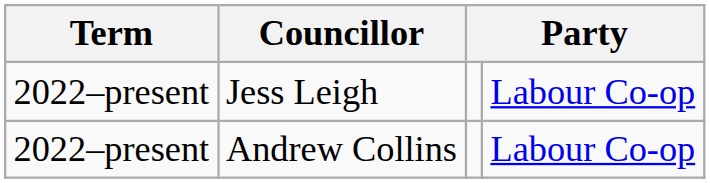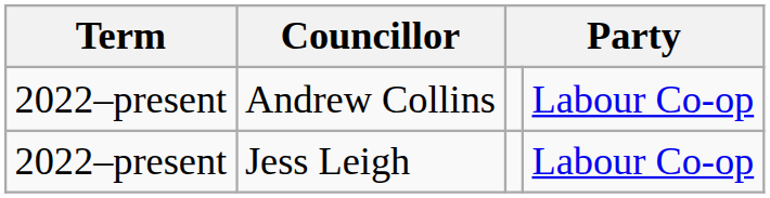 <table class="wikitable">
 <tr>
 <th>Term</th>
 <th>Councillor</th>
 <th colspan="2">Party</th>
 </tr>
 <tr>
 <td>2022–present</td>
-<td>Jess Leigh</td>
+<td>Andrew Collins</td>
 <td rowspan="1;" style="background-color: "></td>
 <td rowspan="1"><a href='#'>Labour Co-op</a></td>
 </tr>
 <tr>
 <td>2022–present</td>
-<td>Andrew Collins</td>
+<td>Jess Leigh</td>
 <td rowspan="1;" style="background-color: "></td>
 <td rowspan="1"><a href='#'>Labour Co-op</a></td>
 </tr>
 </table>
